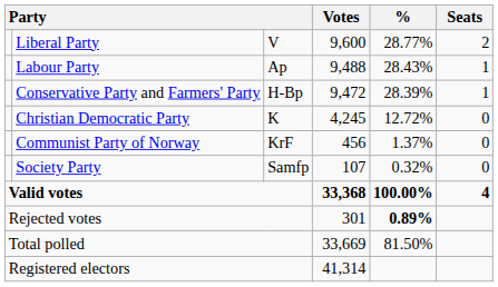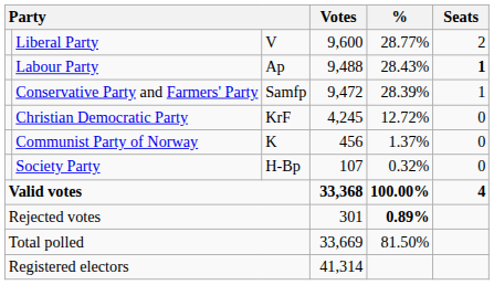 <table class="wikitable" border="1" style="text-align:right;">
 <tr>
 <th style="text-align:left;" colspan=3>Party</th>
 <th align=center width="50">Votes</th>
 <th align=center width="50">%</th>
 <th align=center width="50">Seats</th>
 </tr>
 <tr>
 <td style="color:inherit;background:"></td>
 <td align=left><a href='#'>Liberal Party</a></td>
 <td align=left>V</td>
 <td>9,600</td>
 <td>28.77%</td>
 <td>2</td>
 </tr>
 <tr>
 <td style="color:inherit;background:"></td>
 <td align=left><a href='#'>Labour Party</a></td>
 <td align=left>Ap</td>
 <td>9,488</td>
 <td>28.43%</td>
-<td>1</td>
+<td><strong>1</strong></td>
 </tr>
 <tr>
 <td></td>
 <td align=left><a href='#'>Conservative Party</a> and <a href='#'>Farmers' Party</a></td>
-<td align=left>H-Bp</td>
+<td align=left>Samfp</td>
 <td>9,472</td>
 <td>28.39%</td>
 <td>1</td>
 </tr>
 <tr>
 <td style="color:inherit;background:"></td>
 <td align=left><a href='#'>Christian Democratic Party</a></td>
-<td align=left>K</td>
+<td align=left>KrF</td>
 <td>4,245</td>
 <td>12.72%</td>
 <td>0</td>
 </tr>
 <tr>
 <td style="color:inherit;background:"></td>
 <td align=left><a href='#'>Communist Party of Norway</a></td>
-<td align=left>KrF</td>
+<td align=left>K</td>
 <td>456</td>
 <td>1.37%</td>
 <td>0</td>
 </tr>
 <tr>
 <td></td>
 <td align=left><a href='#'>Society Party</a></td>
-<td align=left>Samfp</td>
+<td align=left>H-Bp</td>
 <td>107</td>
 <td>0.32%</td>
 <td>0</td>
 </tr>
 <tr style="font-weight:bold">
 <td align=left colspan=3>Valid votes</td>
 <td>33,368</td>
 <td>100.00%</td>
 <td>4</td>
 </tr>
 <tr>
 <td align=left colspan=3>Rejected votes</td>
 <td>301</td>
 <td><strong>0.89%</strong></td>
 <td></td>
 </tr>
 <tr>
 <td align=left colspan=3>Total polled</td>
 <td>33,669</td>
 <td>81.50%</td>
 <td></td>
 </tr>
 <tr>
 <td align=left colspan=3>Registered electors</td>
 <td>41,314</td>
 <td></td>
 <td></td>
 </tr>
 </table>
